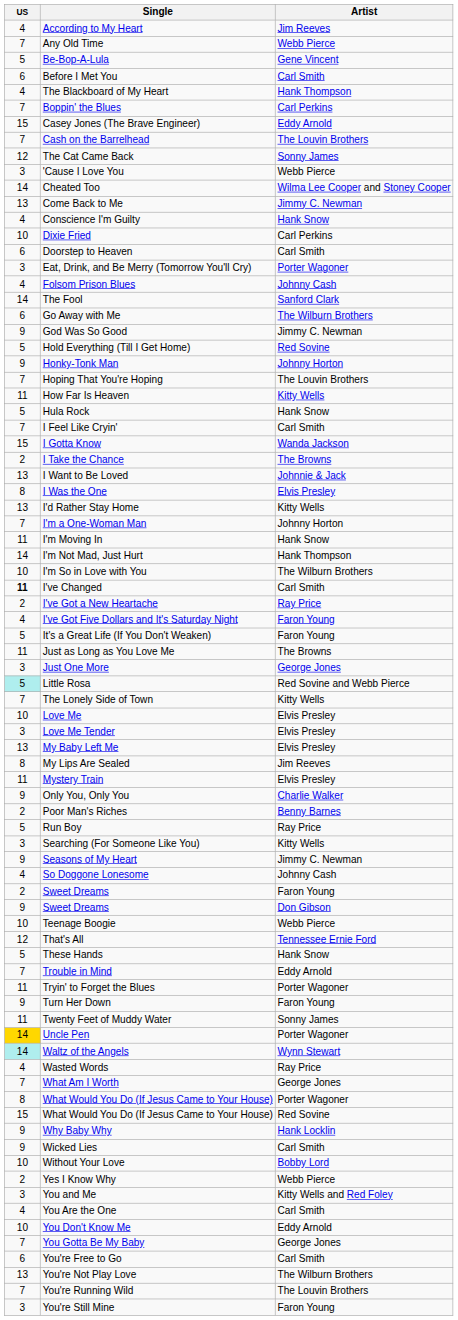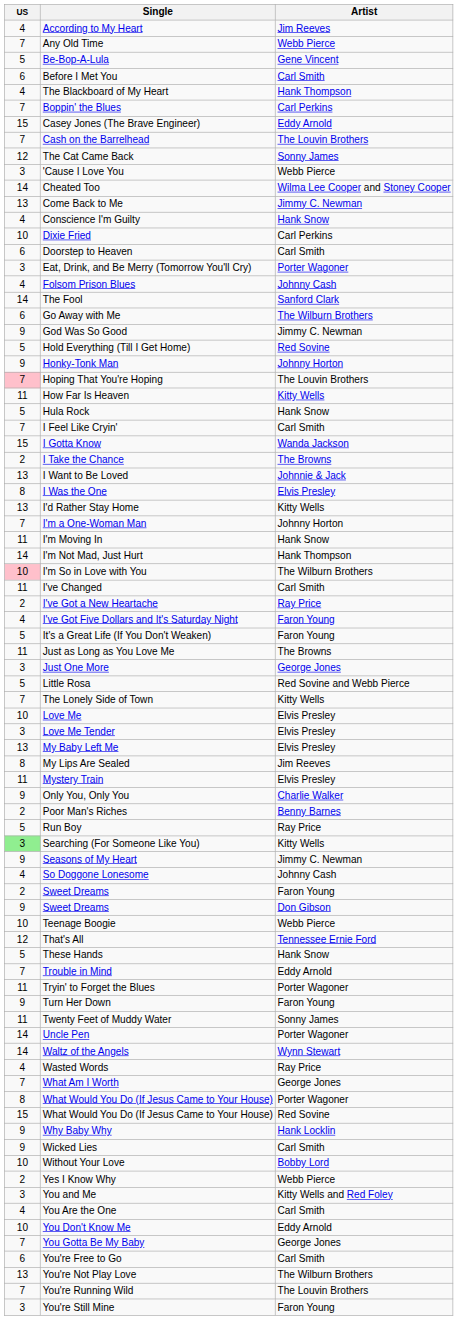 <table class="wikitable sortable">
 <tr>
 <th width="50"><small>US</small></th>
 <th>Single</th>
 <th>Artist</th>
 </tr>
 <tr>
 <td align="center">4</td>
 <td><a href='#'>According to My Heart</a></td>
 <td><a href='#'>Jim Reeves</a></td>
 </tr>
 <tr>
 <td align="center">7</td>
 <td>Any Old Time</td>
 <td><a href='#'>Webb Pierce</a></td>
 </tr>
 <tr>
 <td align="center">5</td>
 <td><a href='#'>Be-Bop-A-Lula</a></td>
 <td><a href='#'>Gene Vincent</a></td>
 </tr>
 <tr>
 <td align="center">6</td>
 <td>Before I Met You</td>
 <td><a href='#'>Carl Smith</a></td>
 </tr>
 <tr>
 <td align="center">4</td>
 <td>The Blackboard of My Heart</td>
 <td><a href='#'>Hank Thompson</a></td>
 </tr>
 <tr>
 <td align="center">7</td>
 <td><a href='#'>Boppin' the Blues</a></td>
 <td><a href='#'>Carl Perkins</a></td>
 </tr>
 <tr>
 <td align="center">15</td>
 <td>Casey Jones (The Brave Engineer)</td>
 <td><a href='#'>Eddy Arnold</a></td>
 </tr>
 <tr>
 <td align="center">7</td>
 <td><a href='#'>Cash on the Barrelhead</a></td>
 <td><a href='#'>The Louvin Brothers</a></td>
 </tr>
 <tr>
 <td align="center">12</td>
 <td>The Cat Came Back</td>
 <td><a href='#'>Sonny James</a></td>
 </tr>
 <tr>
 <td align="center">3</td>
 <td>'Cause I Love You</td>
 <td>Webb Pierce</td>
 </tr>
 <tr>
 <td align="center">14</td>
 <td>Cheated Too</td>
 <td><a href='#'>Wilma Lee Cooper</a> and <a href='#'>Stoney Cooper</a></td>
 </tr>
 <tr>
 <td align="center">13</td>
 <td>Come Back to Me</td>
 <td><a href='#'>Jimmy C. Newman</a></td>
 </tr>
 <tr>
 <td align="center">4</td>
 <td>Conscience I'm Guilty</td>
 <td><a href='#'>Hank Snow</a></td>
 </tr>
 <tr>
 <td align="center">10</td>
 <td><a href='#'>Dixie Fried</a></td>
 <td>Carl Perkins</td>
 </tr>
 <tr>
 <td align="center">6</td>
 <td>Doorstep to Heaven</td>
 <td>Carl Smith</td>
 </tr>
 <tr>
 <td align="center">3</td>
 <td>Eat, Drink, and Be Merry (Tomorrow You'll Cry)</td>
 <td><a href='#'>Porter Wagoner</a></td>
 </tr>
 <tr>
 <td align="center">4</td>
 <td><a href='#'>Folsom Prison Blues</a></td>
 <td><a href='#'>Johnny Cash</a></td>
 </tr>
 <tr>
 <td align="center">14</td>
 <td>The Fool</td>
 <td><a href='#'>Sanford Clark</a></td>
 </tr>
 <tr>
 <td align="center">6</td>
 <td>Go Away with Me</td>
 <td><a href='#'>The Wilburn Brothers</a></td>
 </tr>
 <tr>
 <td align="center">9</td>
 <td>God Was So Good</td>
 <td>Jimmy C. Newman</td>
 </tr>
 <tr>
 <td align="center">5</td>
 <td>Hold Everything (Till I Get Home)</td>
 <td><a href='#'>Red Sovine</a></td>
 </tr>
 <tr>
 <td align="center">9</td>
 <td><a href='#'>Honky-Tonk Man</a></td>
 <td><a href='#'>Johnny Horton</a></td>
 </tr>
 <tr>
-<td align="center">7</td>
+<td align="center" style="background: pink;">7</td>
 <td>Hoping That You're Hoping</td>
 <td>The Louvin Brothers</td>
 </tr>
 <tr>
 <td align="center">11</td>
 <td>How Far Is Heaven</td>
 <td><a href='#'>Kitty Wells</a></td>
 </tr>
 <tr>
 <td align="center">5</td>
 <td>Hula Rock</td>
 <td>Hank Snow</td>
 </tr>
 <tr>
 <td align="center">7</td>
 <td>I Feel Like Cryin'</td>
 <td>Carl Smith</td>
 </tr>
 <tr>
 <td align="center">15</td>
 <td><a href='#'>I Gotta Know</a></td>
 <td><a href='#'>Wanda Jackson</a></td>
 </tr>
 <tr>
 <td align="center">2</td>
 <td><a href='#'>I Take the Chance</a></td>
 <td><a href='#'>The Browns</a></td>
 </tr>
 <tr>
 <td align="center">13</td>
 <td>I Want to Be Loved</td>
 <td><a href='#'>Johnnie & Jack</a></td>
 </tr>
 <tr>
 <td align="center">8</td>
 <td><a href='#'>I Was the One</a></td>
 <td><a href='#'>Elvis Presley</a></td>
 </tr>
 <tr>
 <td align="center">13</td>
 <td>I'd Rather Stay Home</td>
 <td>Kitty Wells</td>
 </tr>
 <tr>
 <td align="center">7</td>
 <td><a href='#'>I'm a One-Woman Man</a></td>
 <td>Johnny Horton</td>
 </tr>
 <tr>
 <td align="center">11</td>
 <td>I'm Moving In</td>
 <td>Hank Snow</td>
 </tr>
 <tr>
 <td align="center">14</td>
 <td>I'm Not Mad, Just Hurt</td>
 <td>Hank Thompson</td>
 </tr>
 <tr>
-<td align="center">10</td>
+<td align="center" style="background: pink;">10</td>
 <td>I'm So in Love with You</td>
 <td>The Wilburn Brothers</td>
 </tr>
 <tr>
-<td align="center"><strong>11</strong></td>
+<td align="center">11</td>
 <td>I've Changed</td>
 <td>Carl Smith</td>
 </tr>
 <tr>
 <td align="center">2</td>
 <td><a href='#'>I've Got a New Heartache</a></td>
 <td><a href='#'>Ray Price</a></td>
 </tr>
 <tr>
 <td align="center">4</td>
 <td><a href='#'>I've Got Five Dollars and It's Saturday Night</a></td>
 <td><a href='#'>Faron Young</a></td>
 </tr>
 <tr>
 <td align="center">5</td>
 <td>It's a Great Life (If You Don't Weaken)</td>
 <td>Faron Young</td>
 </tr>
 <tr>
 <td align="center">11</td>
 <td>Just as Long as You Love Me</td>
 <td>The Browns</td>
 </tr>
 <tr>
 <td align="center">3</td>
 <td><a href='#'>Just One More</a></td>
 <td><a href='#'>George Jones</a></td>
 </tr>
 <tr>
-<td align="center" style="background: paleturquoise;">5</td>
+<td align="center">5</td>
 <td>Little Rosa</td>
 <td>Red Sovine and Webb Pierce</td>
 </tr>
 <tr>
 <td align="center">7</td>
 <td>The Lonely Side of Town</td>
 <td>Kitty Wells</td>
 </tr>
 <tr>
 <td align="center">10</td>
 <td><a href='#'>Love Me</a></td>
 <td>Elvis Presley</td>
 </tr>
 <tr>
 <td align="center">3</td>
 <td><a href='#'>Love Me Tender</a></td>
 <td>Elvis Presley</td>
 </tr>
 <tr>
 <td align="center">13</td>
 <td><a href='#'>My Baby Left Me</a></td>
 <td>Elvis Presley</td>
 </tr>
 <tr>
 <td align="center">8</td>
 <td>My Lips Are Sealed</td>
 <td>Jim Reeves</td>
 </tr>
 <tr>
 <td align="center">11</td>
 <td><a href='#'>Mystery Train</a></td>
 <td>Elvis Presley</td>
 </tr>
 <tr>
 <td align="center">9</td>
 <td>Only You, Only You</td>
 <td><a href='#'>Charlie Walker</a></td>
 </tr>
 <tr>
 <td align="center">2</td>
 <td>Poor Man's Riches</td>
 <td><a href='#'>Benny Barnes</a></td>
 </tr>
 <tr>
 <td align="center">5</td>
 <td>Run Boy</td>
 <td>Ray Price</td>
 </tr>
 <tr>
-<td align="center">3</td>
+<td align="center" style="background: lightgreen;">3</td>
 <td>Searching (For Someone Like You)</td>
 <td>Kitty Wells</td>
 </tr>
 <tr>
 <td align="center">9</td>
 <td><a href='#'>Seasons of My Heart</a></td>
 <td>Jimmy C. Newman</td>
 </tr>
 <tr>
 <td align="center">4</td>
 <td><a href='#'>So Doggone Lonesome</a></td>
 <td>Johnny Cash</td>
 </tr>
 <tr>
 <td align="center">2</td>
 <td><a href='#'>Sweet Dreams</a></td>
 <td>Faron Young</td>
 </tr>
 <tr>
 <td align="center">9</td>
 <td><a href='#'>Sweet Dreams</a></td>
 <td><a href='#'>Don Gibson</a></td>
 </tr>
 <tr>
 <td align="center">10</td>
 <td>Teenage Boogie</td>
 <td>Webb Pierce</td>
 </tr>
 <tr>
 <td align="center">12</td>
 <td>That's All</td>
 <td><a href='#'>Tennessee Ernie Ford</a></td>
 </tr>
 <tr>
 <td align="center">5</td>
 <td>These Hands</td>
 <td>Hank Snow</td>
 </tr>
 <tr>
 <td align="center">7</td>
 <td><a href='#'>Trouble in Mind</a></td>
 <td>Eddy Arnold</td>
 </tr>
 <tr>
 <td align="center">11</td>
 <td>Tryin' to Forget the Blues</td>
 <td>Porter Wagoner</td>
 </tr>
 <tr>
 <td align="center">9</td>
 <td>Turn Her Down</td>
 <td>Faron Young</td>
 </tr>
 <tr>
 <td align="center">11</td>
 <td>Twenty Feet of Muddy Water</td>
 <td>Sonny James</td>
 </tr>
 <tr>
-<td align="center" style="background: gold;">14</td>
+<td align="center">14</td>
 <td><a href='#'>Uncle Pen</a></td>
 <td>Porter Wagoner</td>
 </tr>
 <tr>
-<td align="center" style="background: paleturquoise;">14</td>
+<td align="center">14</td>
 <td><a href='#'>Waltz of the Angels</a></td>
 <td><a href='#'>Wynn Stewart</a></td>
 </tr>
 <tr>
 <td align="center">4</td>
 <td>Wasted Words</td>
 <td>Ray Price</td>
 </tr>
 <tr>
 <td align="center">7</td>
 <td><a href='#'>What Am I Worth</a></td>
 <td>George Jones</td>
 </tr>
 <tr>
 <td align="center">8</td>
 <td><a href='#'>What Would You Do (If Jesus Came to Your House)</a></td>
 <td>Porter Wagoner</td>
 </tr>
 <tr>
 <td align="center">15</td>
 <td>What Would You Do (If Jesus Came to Your House)</td>
 <td>Red Sovine</td>
 </tr>
 <tr>
 <td align="center">9</td>
 <td><a href='#'>Why Baby Why</a></td>
 <td><a href='#'>Hank Locklin</a></td>
 </tr>
 <tr>
 <td align="center">9</td>
 <td>Wicked Lies</td>
 <td>Carl Smith</td>
 </tr>
 <tr>
 <td align="center">10</td>
 <td>Without Your Love</td>
 <td><a href='#'>Bobby Lord</a></td>
 </tr>
 <tr>
 <td align="center">2</td>
 <td>Yes I Know Why</td>
 <td>Webb Pierce</td>
 </tr>
 <tr>
 <td align="center">3</td>
 <td>You and Me</td>
 <td>Kitty Wells and <a href='#'>Red Foley</a></td>
 </tr>
 <tr>
 <td align="center">4</td>
 <td>You Are the One</td>
 <td>Carl Smith</td>
 </tr>
 <tr>
 <td align="center">10</td>
 <td><a href='#'>You Don't Know Me</a></td>
 <td>Eddy Arnold</td>
 </tr>
 <tr>
 <td align="center">7</td>
 <td><a href='#'>You Gotta Be My Baby</a></td>
 <td>George Jones</td>
 </tr>
 <tr>
 <td align="center">6</td>
 <td>You're Free to Go</td>
 <td>Carl Smith</td>
 </tr>
 <tr>
 <td align="center">13</td>
 <td>You're Not Play Love</td>
 <td>The Wilburn Brothers</td>
 </tr>
 <tr>
 <td align="center">7</td>
 <td>You're Running Wild</td>
 <td>The Louvin Brothers</td>
 </tr>
 <tr>
 <td align="center">3</td>
 <td>You're Still Mine</td>
 <td>Faron Young</td>
 </tr>
 </table>
